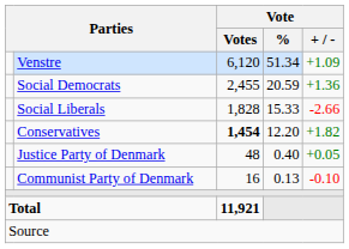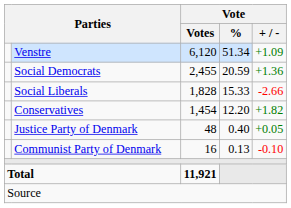 <table class="wikitable" style="text-align:right;">
 <tr>
 <th style="text-align:centre;" rowspan="2" colspan="2" width="225">Parties</th>
 <th colspan="3">Vote</th>
 </tr>
 <tr>
 <th width="15">Votes</th>
 <th width="15">%</th>
 <th width="15">+ / -</th>
 </tr>
 <tr>
 <td width="2" style="color:inherit;background:"></td>
 <td bgcolor=#cfe5fe  align="left"><a href='#'>Venstre</a></td>
 <td bgcolor=#cfe5fe>6,120</td>
 <td bgcolor=#cfe5fe>51.34</td>
 <td style=color:green;>+1.09</td>
 </tr>
 <tr>
 <td width="2" style="color:inherit;background:"></td>
 <td align="left"><a href='#'>Social Democrats</a></td>
 <td>2,455</td>
 <td>20.59</td>
 <td style=color:green;>+1.36</td>
 </tr>
 <tr>
 <td width="2" style="color:inherit;background:"></td>
 <td align="left"><a href='#'>Social Liberals</a></td>
 <td>1,828</td>
 <td>15.33</td>
 <td style=color:red;>-2.66</td>
 </tr>
 <tr>
 <td width="2" style="color:inherit;background:"></td>
 <td align="left"><a href='#'>Conservatives</a></td>
-<td><strong>1,454</strong></td>
+<td>1,454</td>
 <td>12.20</td>
 <td style=color:green;>+1.82</td>
 </tr>
 <tr>
 <td width="2" style="color:inherit;background:"></td>
 <td align="left"><a href='#'>Justice Party of Denmark</a></td>
 <td>48</td>
 <td>0.40</td>
 <td style=color:green;>+0.05</td>
 </tr>
 <tr>
 <td width="2" style="color:inherit;background:"></td>
 <td align="left"><a href='#'>Communist Party of Denmark</a></td>
 <td>16</td>
 <td>0.13</td>
 <td style=color:red;>-0.10</td>
 </tr>
 <tr>
 <td colspan="7" bgcolor="#E9E9E9"></td>
 </tr>
 <tr>
 <td align="left" colspan="2"><strong>Total</strong></td>
 <td><strong>11,921</strong></td>
 <td bgcolor="#E9E9E9" colspan="2"></td>
 </tr>
 <tr>
 <td align="left" colspan="6">Source</td>
 </tr>
 </table>
